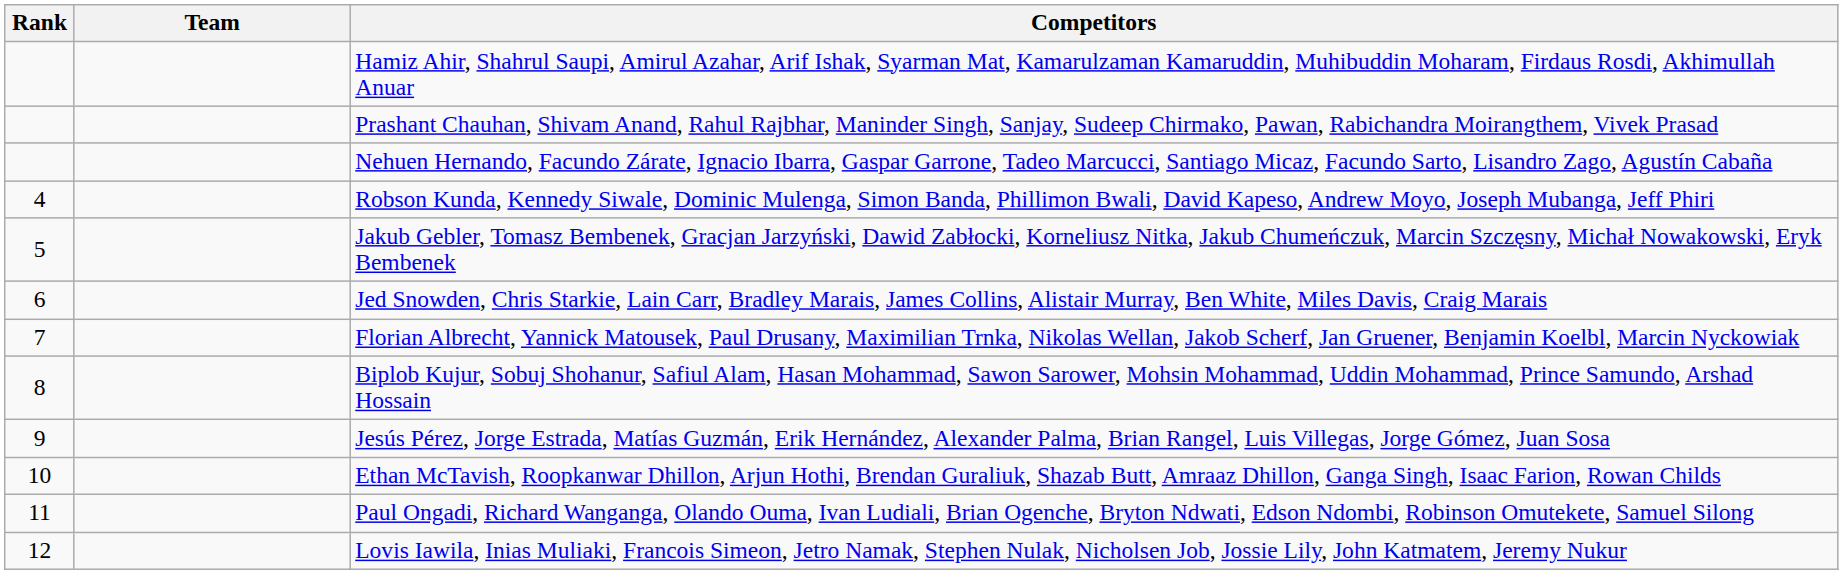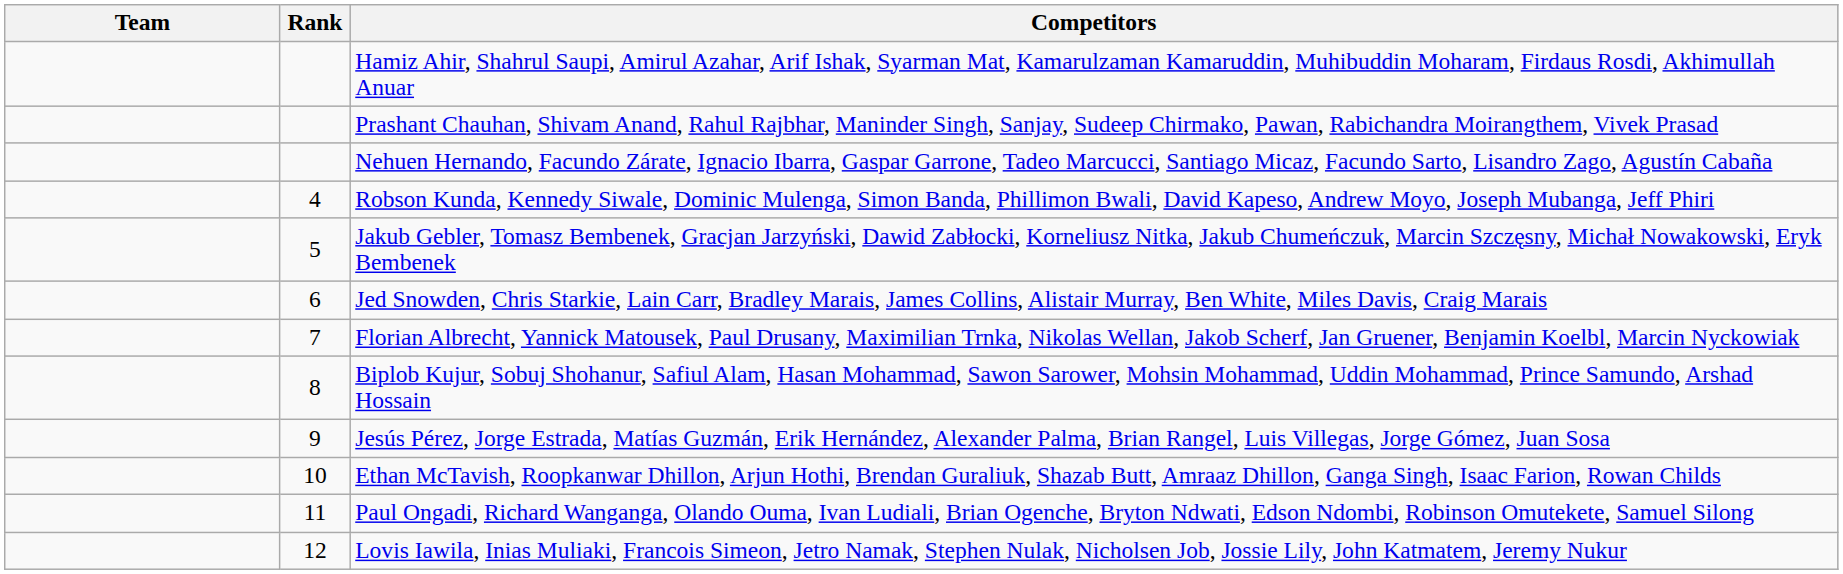 <table class="wikitable">
 <tr>
+<th width=180>Team</th>
 <th width=40>Rank</th>
-<th width=180>Team</th>
 <th>Competitors</th>
 </tr>
 <tr>
+<td></td>
 <td align=center></td>
-<td></td>
 <td><a href='#'>Hamiz Ahir</a>, <a href='#'>Shahrul Saupi</a>, <a href='#'>Amirul Azahar</a>, <a href='#'>Arif Ishak</a>, <a href='#'>Syarman Mat</a>, <a href='#'>Kamarulzaman Kamaruddin</a>, <a href='#'>Muhibuddin Moharam</a>, <a href='#'>Firdaus Rosdi</a>, <a href='#'>Akhimullah Anuar</a></td>
 </tr>
 <tr>
+<td></td>
 <td align=center></td>
-<td></td>
 <td><a href='#'>Prashant Chauhan</a>, <a href='#'>Shivam Anand</a>, <a href='#'>Rahul Rajbhar</a>, <a href='#'>Maninder Singh</a>, <a href='#'>Sanjay</a>, <a href='#'>Sudeep Chirmako</a>, <a href='#'>Pawan</a>, <a href='#'>Rabichandra Moirangthem</a>, <a href='#'>Vivek Prasad</a></td>
 </tr>
 <tr>
+<td></td>
 <td align=center></td>
-<td></td>
 <td><a href='#'>Nehuen Hernando</a>, <a href='#'>Facundo Zárate</a>, <a href='#'>Ignacio Ibarra</a>, <a href='#'>Gaspar Garrone</a>, <a href='#'>Tadeo Marcucci</a>, <a href='#'>Santiago Micaz</a>, <a href='#'>Facundo Sarto</a>, <a href='#'>Lisandro Zago</a>, <a href='#'>Agustín Cabaña</a></td>
 </tr>
 <tr>
+<td></td>
 <td align=center>4</td>
-<td></td>
 <td><a href='#'>Robson Kunda</a>, <a href='#'>Kennedy Siwale</a>, <a href='#'>Dominic Mulenga</a>, <a href='#'>Simon Banda</a>, <a href='#'>Phillimon Bwali</a>, <a href='#'>David Kapeso</a>, <a href='#'>Andrew Moyo</a>, <a href='#'>Joseph Mubanga</a>, <a href='#'>Jeff Phiri</a></td>
 </tr>
 <tr>
+<td></td>
 <td align=center>5</td>
-<td></td>
 <td><a href='#'>Jakub Gebler</a>, <a href='#'>Tomasz Bembenek</a>, <a href='#'>Gracjan Jarzyński</a>, <a href='#'>Dawid Zabłocki</a>, <a href='#'>Korneliusz Nitka</a>, <a href='#'>Jakub Chumeńczuk</a>, <a href='#'>Marcin Szczęsny</a>, <a href='#'>Michał Nowakowski</a>, <a href='#'>Eryk Bembenek</a></td>
 </tr>
 <tr>
+<td></td>
 <td align=center>6</td>
-<td></td>
 <td><a href='#'>Jed Snowden</a>, <a href='#'>Chris Starkie</a>, <a href='#'>Lain Carr</a>, <a href='#'>Bradley Marais</a>, <a href='#'>James Collins</a>, <a href='#'>Alistair Murray</a>, <a href='#'>Ben White</a>, <a href='#'>Miles Davis</a>, <a href='#'>Craig Marais</a></td>
 </tr>
 <tr>
+<td></td>
 <td align=center>7</td>
-<td></td>
 <td><a href='#'>Florian Albrecht</a>, <a href='#'>Yannick Matousek</a>, <a href='#'>Paul Drusany</a>, <a href='#'>Maximilian Trnka</a>, <a href='#'>Nikolas Wellan</a>, <a href='#'>Jakob Scherf</a>, <a href='#'>Jan Gruener</a>, <a href='#'>Benjamin Koelbl</a>, <a href='#'>Marcin Nyckowiak</a></td>
 </tr>
 <tr>
+<td></td>
 <td align=center>8</td>
-<td></td>
 <td><a href='#'>Biplob Kujur</a>, <a href='#'>Sobuj Shohanur</a>, <a href='#'>Safiul Alam</a>, <a href='#'>Hasan Mohammad</a>, <a href='#'>Sawon Sarower</a>, <a href='#'>Mohsin Mohammad</a>, <a href='#'>Uddin Mohammad</a>, <a href='#'>Prince Samundo</a>, <a href='#'>Arshad Hossain</a></td>
 </tr>
 <tr>
+<td></td>
 <td align=center>9</td>
-<td></td>
 <td><a href='#'>Jesús Pérez</a>, <a href='#'>Jorge Estrada</a>, <a href='#'>Matías Guzmán</a>, <a href='#'>Erik Hernández</a>, <a href='#'>Alexander Palma</a>, <a href='#'>Brian Rangel</a>, <a href='#'>Luis Villegas</a>, <a href='#'>Jorge Gómez</a>, <a href='#'>Juan Sosa</a></td>
 </tr>
 <tr>
+<td></td>
 <td align=center>10</td>
-<td></td>
 <td><a href='#'>Ethan McTavish</a>, <a href='#'>Roopkanwar Dhillon</a>, <a href='#'>Arjun Hothi</a>, <a href='#'>Brendan Guraliuk</a>, <a href='#'>Shazab Butt</a>, <a href='#'>Amraaz Dhillon</a>, <a href='#'>Ganga Singh</a>, <a href='#'>Isaac Farion</a>, <a href='#'>Rowan Childs</a></td>
 </tr>
 <tr>
+<td></td>
 <td align=center>11</td>
-<td></td>
 <td><a href='#'>Paul Ongadi</a>, <a href='#'>Richard Wanganga</a>, <a href='#'>Olando Ouma</a>, <a href='#'>Ivan Ludiali</a>, <a href='#'>Brian Ogenche</a>, <a href='#'>Bryton Ndwati</a>, <a href='#'>Edson Ndombi</a>, <a href='#'>Robinson Omutekete</a>, <a href='#'>Samuel Silong</a></td>
 </tr>
 <tr>
+<td></td>
 <td align=center>12</td>
-<td></td>
 <td><a href='#'>Lovis Iawila</a>, <a href='#'>Inias Muliaki</a>, <a href='#'>Francois Simeon</a>, <a href='#'>Jetro Namak</a>, <a href='#'>Stephen Nulak</a>, <a href='#'>Nicholsen Job</a>, <a href='#'>Jossie Lily</a>, <a href='#'>John Katmatem</a>, <a href='#'>Jeremy Nukur</a></td>
 </tr>
 </table>
